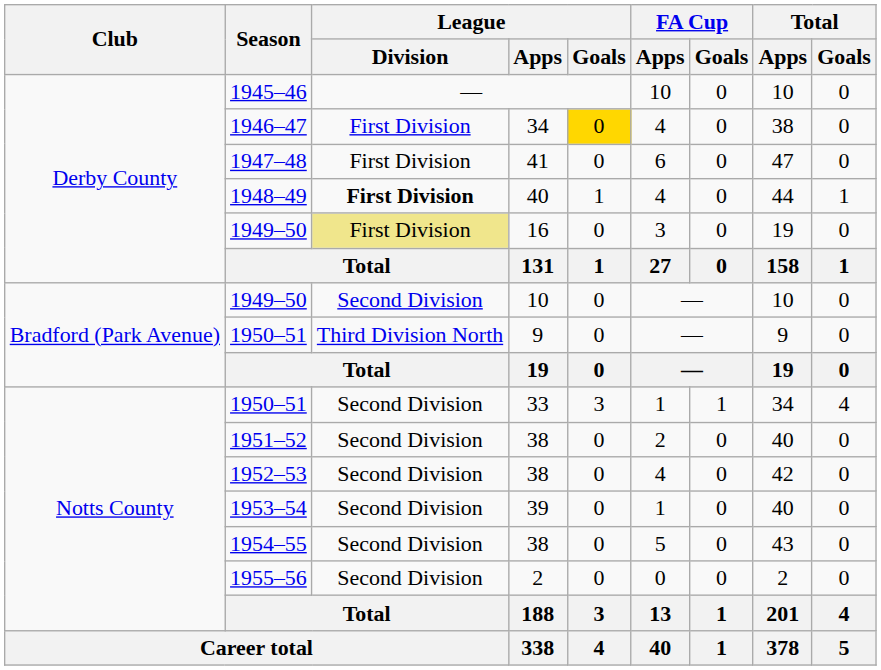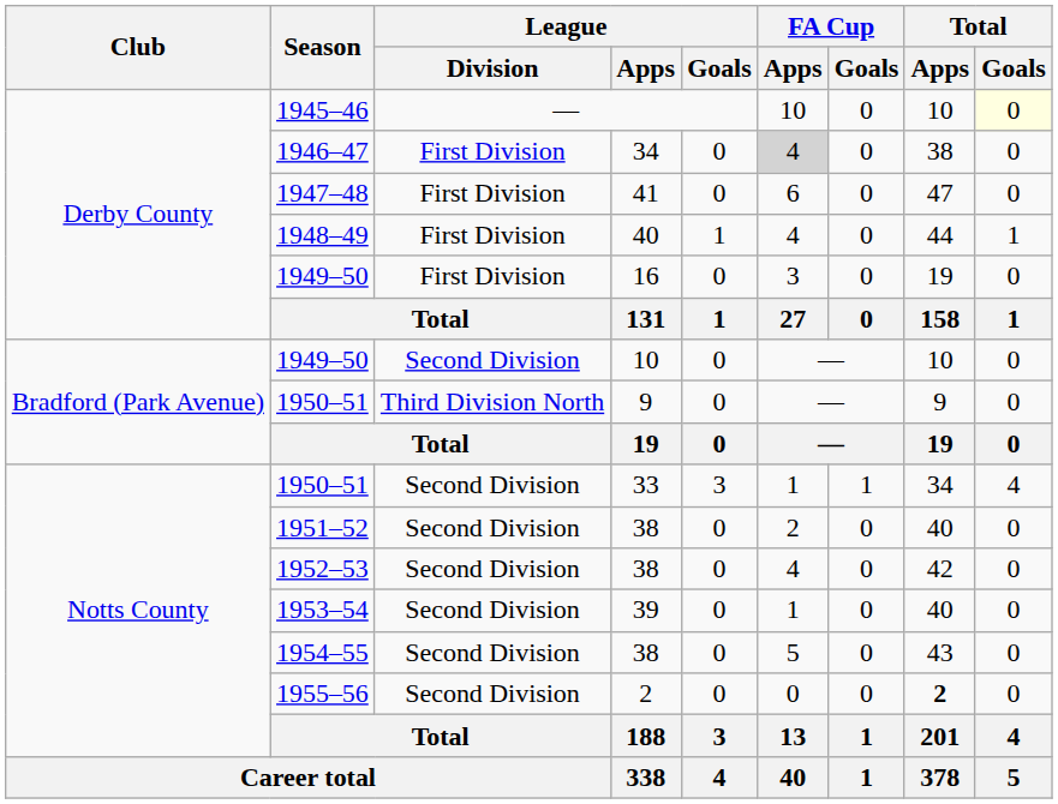 <table class="wikitable" style="text-align: center;">
 <tr>
 <th rowspan="2">Club</th>
 <th rowspan="2">Season</th>
 <th colspan="3">League</th>
 <th colspan="2"><a href='#'>FA Cup</a></th>
 <th colspan="2">Total</th>
 </tr>
 <tr>
 <th>Division</th>
 <th>Apps</th>
 <th>Goals</th>
 <th>Apps</th>
 <th>Goals</th>
 <th>Apps</th>
 <th>Goals</th>
 </tr>
 <tr>
 <td rowspan="6"><a href='#'>Derby County</a></td>
 <td><a href='#'>1945–46</a></td>
 <td colspan="3">—</td>
 <td>10</td>
 <td>0</td>
 <td>10</td>
-<td>0</td>
+<td style="background: lightyellow;">0</td>
 </tr>
 <tr>
 <td><a href='#'>1946–47</a></td>
 <td><a href='#'>First Division</a></td>
 <td>34</td>
-<td style="background: gold;">0</td>
-<td>4</td>
+<td>0</td>
+<td style="background: lightgrey;">4</td>
 <td>0</td>
 <td>38</td>
 <td>0</td>
 </tr>
 <tr>
 <td><a href='#'>1947–48</a></td>
 <td>First Division</td>
 <td>41</td>
 <td>0</td>
 <td>6</td>
 <td>0</td>
 <td>47</td>
 <td>0</td>
 </tr>
 <tr>
 <td><a href='#'>1948–49</a></td>
-<td><strong>First Division</strong></td>
+<td>First Division</td>
 <td>40</td>
 <td>1</td>
 <td>4</td>
 <td>0</td>
 <td>44</td>
 <td>1</td>
 </tr>
 <tr>
 <td><a href='#'>1949–50</a></td>
-<td style="background: khaki;">First Division</td>
+<td>First Division</td>
 <td>16</td>
 <td>0</td>
 <td>3</td>
 <td>0</td>
 <td>19</td>
 <td>0</td>
 </tr>
 <tr>
 <th colspan="2">Total</th>
 <th>131</th>
 <th>1</th>
 <th>27</th>
 <th>0</th>
 <th>158</th>
 <th>1</th>
 </tr>
 <tr>
 <td rowspan="3"><a href='#'>Bradford (Park Avenue)</a></td>
 <td><a href='#'>1949–50</a></td>
 <td><a href='#'>Second Division</a></td>
 <td>10</td>
 <td>0</td>
 <td colspan="2">—</td>
 <td>10</td>
 <td>0</td>
 </tr>
 <tr>
 <td><a href='#'>1950–51</a></td>
 <td><a href='#'>Third Division North</a></td>
 <td>9</td>
 <td>0</td>
 <td colspan="2">—</td>
 <td>9</td>
 <td>0</td>
 </tr>
 <tr>
 <th colspan="2">Total</th>
 <th>19</th>
 <th>0</th>
 <th colspan="2">—</th>
 <th>19</th>
 <th>0</th>
 </tr>
 <tr>
 <td rowspan="7"><a href='#'>Notts County</a></td>
 <td><a href='#'>1950–51</a></td>
 <td>Second Division</td>
 <td>33</td>
 <td>3</td>
 <td>1</td>
 <td>1</td>
 <td>34</td>
 <td>4</td>
 </tr>
 <tr>
 <td><a href='#'>1951–52</a></td>
 <td>Second Division</td>
 <td>38</td>
 <td>0</td>
 <td>2</td>
 <td>0</td>
 <td>40</td>
 <td>0</td>
 </tr>
 <tr>
 <td><a href='#'>1952–53</a></td>
 <td>Second Division</td>
 <td>38</td>
 <td>0</td>
 <td>4</td>
 <td>0</td>
 <td>42</td>
 <td>0</td>
 </tr>
 <tr>
 <td><a href='#'>1953–54</a></td>
 <td>Second Division</td>
 <td>39</td>
 <td>0</td>
 <td>1</td>
 <td>0</td>
 <td>40</td>
 <td>0</td>
 </tr>
 <tr>
 <td><a href='#'>1954–55</a></td>
 <td>Second Division</td>
 <td>38</td>
 <td>0</td>
 <td>5</td>
 <td>0</td>
 <td>43</td>
 <td>0</td>
 </tr>
 <tr>
 <td><a href='#'>1955–56</a></td>
 <td>Second Division</td>
 <td>2</td>
 <td>0</td>
 <td>0</td>
 <td>0</td>
-<td>2</td>
+<td><strong>2</strong></td>
 <td>0</td>
 </tr>
 <tr>
 <th colspan="2">Total</th>
 <th>188</th>
 <th>3</th>
 <th>13</th>
 <th>1</th>
 <th>201</th>
 <th>4</th>
 </tr>
 <tr>
 <th colspan="3">Career total</th>
 <th>338</th>
 <th>4</th>
 <th>40</th>
 <th>1</th>
 <th>378</th>
 <th>5</th>
 </tr>
 </table>
